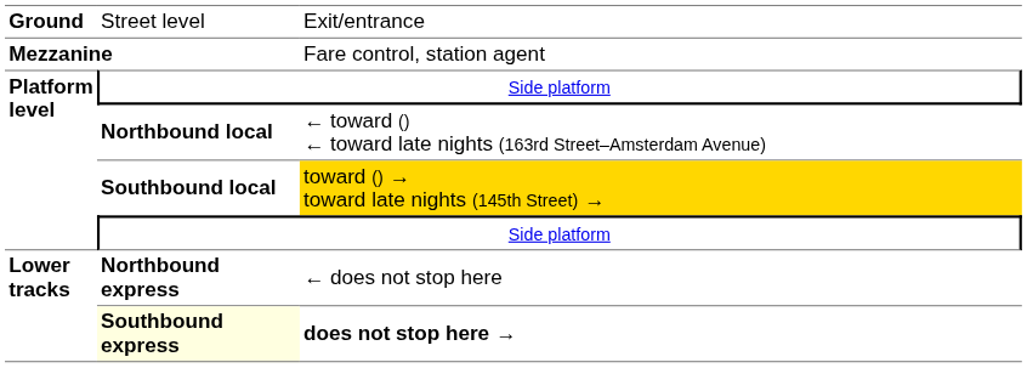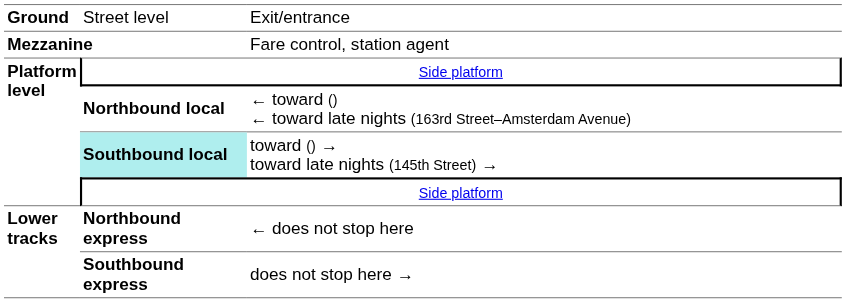 <table table border=0 cellspacing=0 cellpadding=3>
 <tr>
 <td style="border-top:solid 1px gray;" width=50><strong>Ground</strong></td>
 <td style="border-top:solid 1px gray;" width=150>Street level</td>
 <td style="border-top:solid 1px gray;" width=550>Exit/entrance</td>
 </tr>
 <tr>
 <td style="border-top:solid 1px gray;" colspan=2><strong>Mezzanine</strong></td>
 <td style="border-top:solid 1px gray;">Fare control, station agent</td>
 </tr>
 <tr>
 <td style="border-top:solid 1px gray;border-bottom:solid 1px gray;" width=50 rowspan=4 valign=top><strong>Platform level</strong></td>
 <td style="border-top:solid 1px gray;border-right:solid 2px black;border-left:solid 2px black;border-bottom:solid 2px black;text-align:center;" colspan=2><small><a href='#'>Side platform</a></small></td>
 </tr>
 <tr>
 <td style="border-bottom:solid 1px gray;"><span><strong>Northbound local</strong></span></td>
 <td style="border-bottom:solid 1px gray;">←  toward  <small>()</small><br>←  toward  late nights <small>(163rd Street–Amsterdam Avenue)</small></td>
 </tr>
 <tr>
-<td><span><strong>Southbound local</strong></span></td>
-<td style="background: gold;">  toward  <small>()</small> →<br>  toward  late nights <small>(145th Street)</small> →</td>
+<td style="background: paleturquoise;"><span><strong>Southbound local</strong></span></td>
+<td>  toward  <small>()</small> →<br>  toward  late nights <small>(145th Street)</small> →</td>
 </tr>
 <tr>
 <td style="border-top:solid 2px black;border-right:solid 2px black;border-left:solid 2px black;border-bottom:solid 1px gray;text-align:center;" colspan=2><small><a href='#'>Side platform</a></small></td>
 </tr>
 <tr>
 <td style="border-bottom:solid 1px gray;" rowspan=2 valign=top><strong>Lower tracks</strong></td>
 <td style="border-bottom:solid 1px gray;"><span><strong>Northbound express</strong></span></td>
 <td style="border-bottom:solid 1px gray;">←  does not stop here</td>
 </tr>
 <tr>
-<td style="background: lightyellow; border-bottom:solid 1px gray;"><span><strong>Southbound express</strong></span></td>
-<td style="border-bottom:solid 1px gray;"><strong>  does not stop here →</strong></td>
+<td style="border-bottom:solid 1px gray;"><span><strong>Southbound express</strong></span></td>
+<td style="border-bottom:solid 1px gray;">  does not stop here →</td>
 </tr>
 </table>
